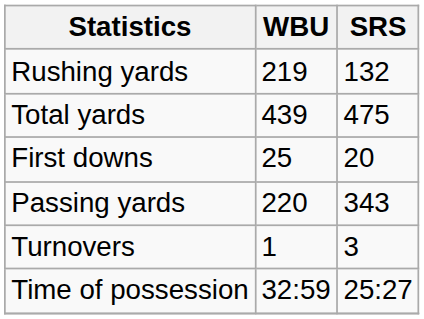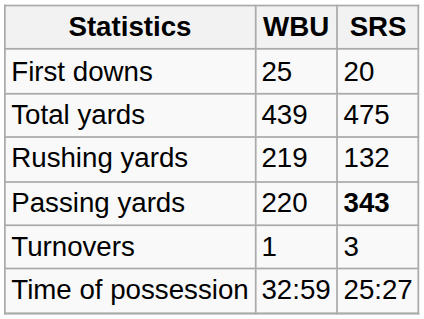 <table class="wikitable" style="float: left;">
 <tr>
 <th>Statistics</th>
 <th>WBU</th>
 <th>SRS</th>
 </tr>
 <tr>
-<td>Rushing yards</td>
-<td>219</td>
-<td>132</td>
+<td>First downs</td>
+<td>25</td>
+<td>20</td>
 </tr>
 <tr>
 <td>Total yards</td>
 <td>439</td>
 <td>475</td>
 </tr>
 <tr>
-<td>First downs</td>
-<td>25</td>
-<td>20</td>
+<td>Rushing yards</td>
+<td>219</td>
+<td>132</td>
 </tr>
 <tr>
 <td>Passing yards</td>
 <td>220</td>
-<td>343</td>
+<td><strong>343</strong></td>
 </tr>
 <tr>
 <td>Turnovers</td>
 <td>1</td>
 <td>3</td>
 </tr>
 <tr>
 <td>Time of possession</td>
 <td>32:59</td>
 <td>25:27</td>
 </tr>
 <tr>
 </tr>
 </table>
